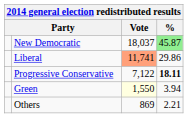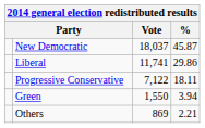 <table class="wikitable">
 <tr>
 <th colspan="4"><a href='#'>2014 general election</a> redistributed results</th>
 </tr>
 <tr>
 <th bgcolor="#DDDDFF" width="130px" colspan="2">Party</th>
 <th bgcolor="#DDDDFF" width="50px">Vote</th>
 <th bgcolor="#DDDDFF" width="30px">%</th>
 </tr>
 <tr>
 <td> </td>
 <td><a href='#'>New Democratic</a></td>
 <td align=right>18,037</td>
-<td align=right style="background: lightgreen;">45.87</td>
+<td align=right>45.87</td>
 </tr>
 <tr>
 <td> </td>
 <td><a href='#'>Liberal</a></td>
-<td align=right style="background: lightsalmon;">11,741</td>
+<td align=right>11,741</td>
 <td align=right>29.86</td>
 </tr>
 <tr>
 <td> </td>
 <td><a href='#'>Progressive Conservative</a></td>
 <td align=right>7,122</td>
-<td align=right><strong>18.11</strong></td>
+<td align=right>18.11</td>
 </tr>
 <tr>
 <td> </td>
 <td><a href='#'>Green</a></td>
-<td align=right style="background: lightyellow;">1,550</td>
+<td align=right>1,550</td>
 <td align=right>3.94</td>
 </tr>
 <tr>
 <td> </td>
 <td>Others</td>
 <td align=right>869</td>
 <td align=right>2.21</td>
 </tr>
 </table>
